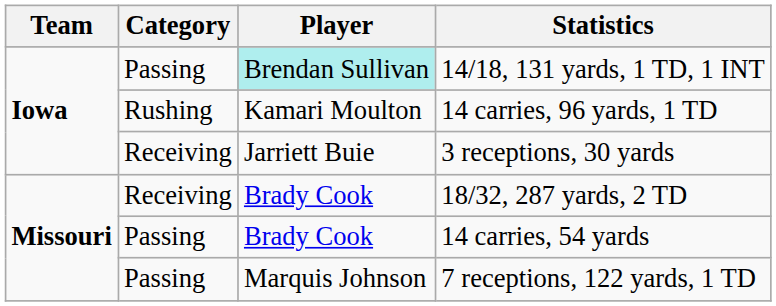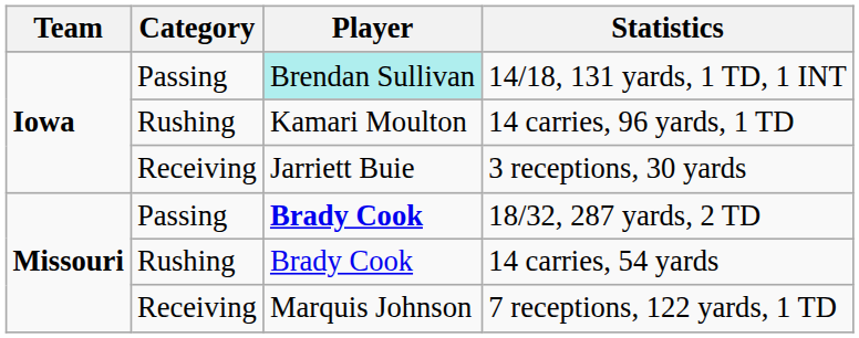 <table class="wikitable" style="float: right;">
 <tr>
 <th>Team</th>
 <th>Category</th>
 <th>Player</th>
 <th>Statistics</th>
 </tr>
 <tr>
 <td rowspan=3><strong>Iowa</strong></td>
 <td>Passing</td>
 <td style="background: paleturquoise;">Brendan Sullivan</td>
 <td>14/18, 131 yards, 1 TD, 1 INT</td>
 </tr>
 <tr>
 <td>Rushing</td>
 <td>Kamari Moulton</td>
 <td>14 carries, 96 yards, 1 TD</td>
 </tr>
 <tr>
 <td>Receiving</td>
 <td>Jarriett Buie</td>
 <td>3 receptions, 30 yards</td>
 </tr>
 <tr>
 <td rowspan=3><strong>Missouri</strong></td>
-<td>Receiving</td>
-<td><a href='#'>Brady Cook</a></td>
+<td>Passing</td>
+<td><strong><a href='#'>Brady Cook</a></strong></td>
 <td>18/32, 287 yards, 2 TD</td>
 </tr>
 <tr>
-<td>Passing</td>
+<td>Rushing</td>
 <td><a href='#'>Brady Cook</a></td>
 <td>14 carries, 54 yards</td>
 </tr>
 <tr>
-<td>Passing</td>
+<td>Receiving</td>
 <td>Marquis Johnson</td>
 <td>7 receptions, 122 yards, 1 TD</td>
 </tr>
 </table>
